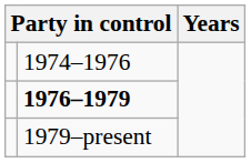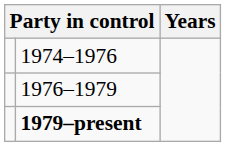 <table class="wikitable">
 <tr>
 <th colspan=2>Party in control</th>
 <th>Years</th>
 </tr>
 <tr>
 <td></td>
 <td>1974–1976</td>
 </tr>
 <tr>
 <td></td>
-<td><strong>1976–1979</strong></td>
+<td>1976–1979</td>
 </tr>
 <tr>
 <td></td>
-<td>1979–present</td>
+<td><strong>1979–present</strong></td>
 </tr>
 </table>
